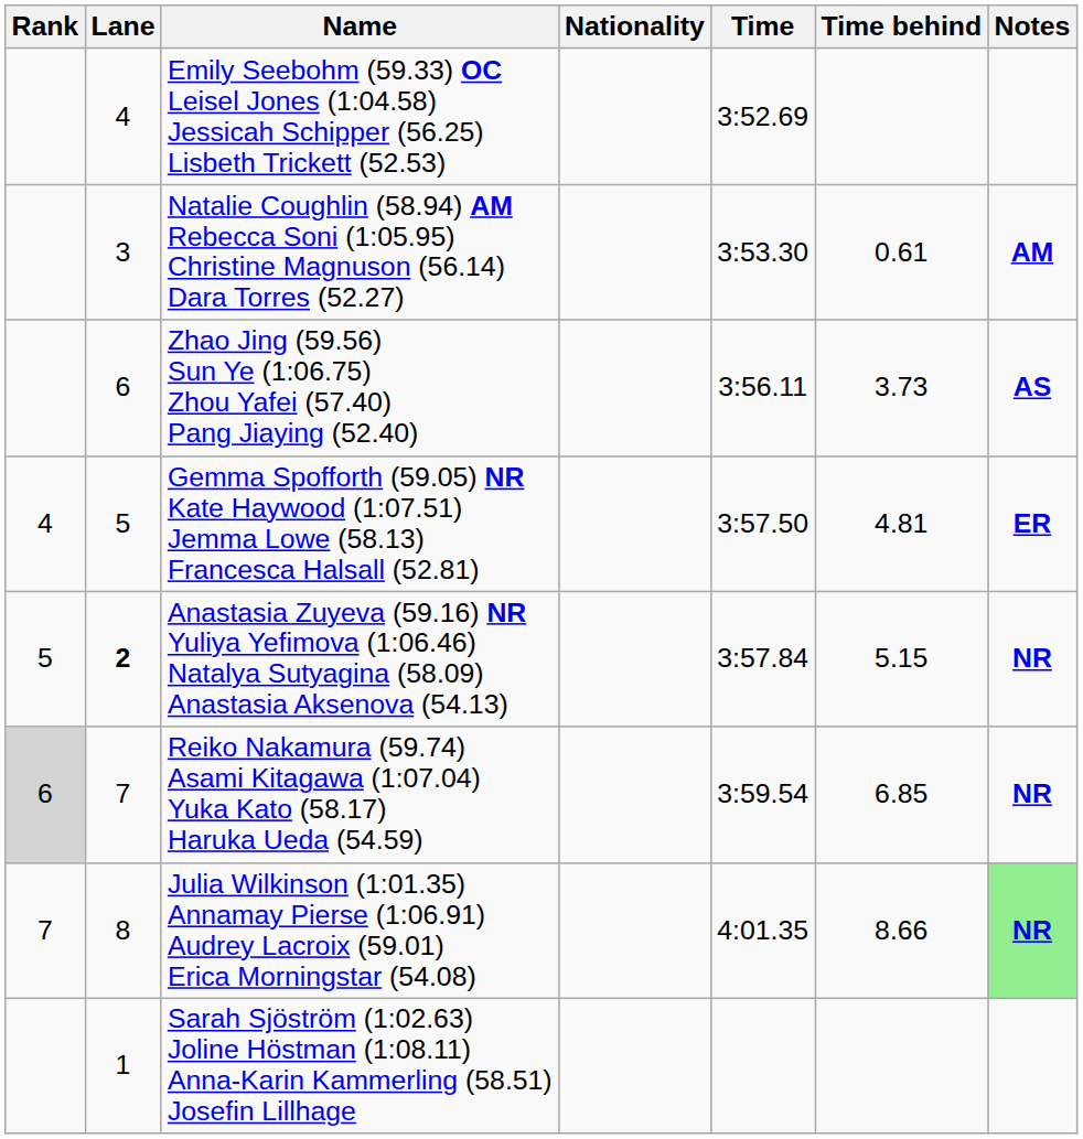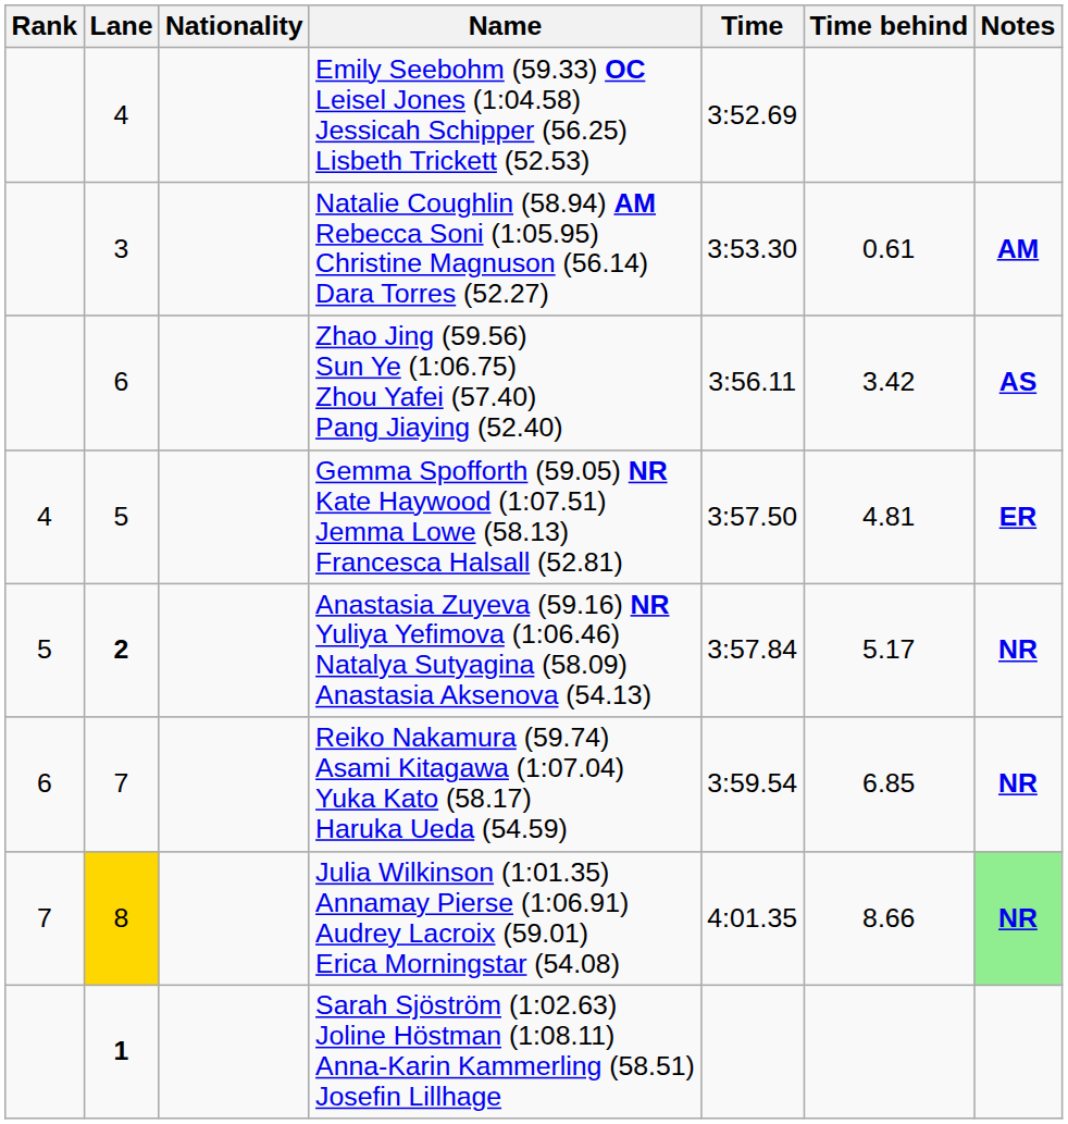 <table class="wikitable sortable" style="text-align:center">
 <tr>
 <th>Rank</th>
 <th>Lane</th>
+<th>Nationality</th>
 <th>Name</th>
-<th>Nationality</th>
 <th>Time</th>
 <th>Time behind</th>
 <th>Notes</th>
 </tr>
 <tr>
 <td></td>
 <td>4</td>
+<td align=left></td>
 <td align=left><a href='#'>Emily Seebohm</a>  (59.33) <strong><a href='#'>OC</a></strong><br> <a href='#'>Leisel Jones</a> (1:04.58) <br> <a href='#'>Jessicah Schipper</a>  (56.25) <br> <a href='#'>Lisbeth Trickett</a>  (52.53)</td>
-<td align=left></td>
 <td>3:52.69</td>
 <td></td>
 <td></td>
 </tr>
 <tr>
 <td></td>
 <td>3</td>
+<td align=left></td>
 <td align=left><a href='#'>Natalie Coughlin</a>  (58.94) <strong><a href='#'>AM</a></strong><br><a href='#'>Rebecca Soni</a>  (1:05.95) <br><a href='#'>Christine Magnuson</a>  (56.14) <br><a href='#'>Dara Torres</a>  (52.27)</td>
-<td align=left></td>
 <td>3:53.30</td>
 <td>0.61</td>
 <td><strong><a href='#'>AM</a></strong></td>
 </tr>
 <tr>
 <td></td>
 <td>6</td>
+<td align=left></td>
 <td align=left><a href='#'>Zhao Jing</a>  (59.56) <br><a href='#'>Sun Ye</a>  (1:06.75) <br><a href='#'>Zhou Yafei</a>  (57.40) <br><a href='#'>Pang Jiaying</a>  (52.40)</td>
-<td align=left></td>
 <td>3:56.11</td>
-<td>3.73</td>
+<td>3.42</td>
 <td><strong><a href='#'>AS</a></strong></td>
 </tr>
 <tr>
 <td>4</td>
 <td>5</td>
+<td align=left></td>
 <td align=left><a href='#'>Gemma Spofforth</a>  (59.05) <strong><a href='#'>NR</a></strong><br><a href='#'>Kate Haywood</a>  (1:07.51) <br><a href='#'>Jemma Lowe</a>  (58.13) <br><a href='#'>Francesca Halsall</a>  (52.81)</td>
-<td align=left></td>
 <td>3:57.50</td>
 <td>4.81</td>
 <td><strong><a href='#'>ER</a></strong></td>
 </tr>
 <tr>
 <td>5</td>
 <td><strong>2</strong></td>
+<td align=left></td>
 <td align=left><a href='#'>Anastasia Zuyeva</a>  (59.16) <strong><a href='#'>NR</a></strong><br><a href='#'>Yuliya Yefimova</a>  (1:06.46) <br><a href='#'>Natalya Sutyagina</a>  (58.09) <br><a href='#'>Anastasia Aksenova</a>  (54.13)</td>
-<td align=left></td>
 <td>3:57.84</td>
-<td>5.15</td>
+<td>5.17</td>
 <td><strong><a href='#'>NR</a></strong></td>
 </tr>
 <tr>
-<td style="background: lightgrey;">6</td>
+<td>6</td>
 <td>7</td>
+<td align=left></td>
 <td align=left><a href='#'>Reiko Nakamura</a>  (59.74) <br><a href='#'>Asami Kitagawa</a>  (1:07.04) <br><a href='#'>Yuka Kato</a>  (58.17) <br><a href='#'>Haruka Ueda</a>  (54.59)</td>
-<td align=left></td>
 <td>3:59.54</td>
 <td>6.85</td>
 <td><strong><a href='#'>NR</a></strong></td>
 </tr>
 <tr>
 <td>7</td>
-<td>8</td>
+<td style="background: gold;">8</td>
+<td align=left></td>
 <td align=left><a href='#'>Julia Wilkinson</a>  (1:01.35) <br><a href='#'>Annamay Pierse</a>  (1:06.91) <br><a href='#'>Audrey Lacroix</a>  (59.01) <br><a href='#'>Erica Morningstar</a>  (54.08)</td>
-<td align=left></td>
 <td>4:01.35</td>
 <td>8.66</td>
 <td style="background: lightgreen;"><strong><a href='#'>NR</a></strong></td>
 </tr>
 <tr>
 <td></td>
-<td>1</td>
+<td><strong>1</strong></td>
+<td align=left></td>
 <td align=left><a href='#'>Sarah Sjöström</a> (1:02.63) <br><a href='#'>Joline Höstman</a> (1:08.11) <br><a href='#'>Anna-Karin Kammerling</a>  (58.51) <br><a href='#'>Josefin Lillhage</a></td>
-<td align=left></td>
 <td></td>
 <td></td>
 <td></td>
 </tr>
 </table>
